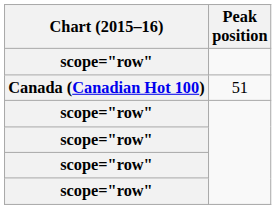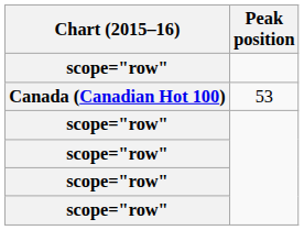 <table class="wikitable sortable plainrowheaders" style="text-align:center;">
 <tr>
 <th scope="col">Chart (2015–16)</th>
 <th scope="col">Peak<br>position</th>
 </tr>
 <tr>
 <th>scope="row" </th>
 </tr>
 <tr>
 <th scope="row">Canada (<a href='#'>Canadian Hot 100</a>)</th>
-<td>51</td>
+<td>53</td>
 </tr>
 <tr>
 <th>scope="row" </th>
 </tr>
 <tr>
 <th>scope="row" </th>
 </tr>
 <tr>
 <th>scope="row" </th>
 </tr>
 <tr>
 <th>scope="row" </th>
 </tr>
 </table>
